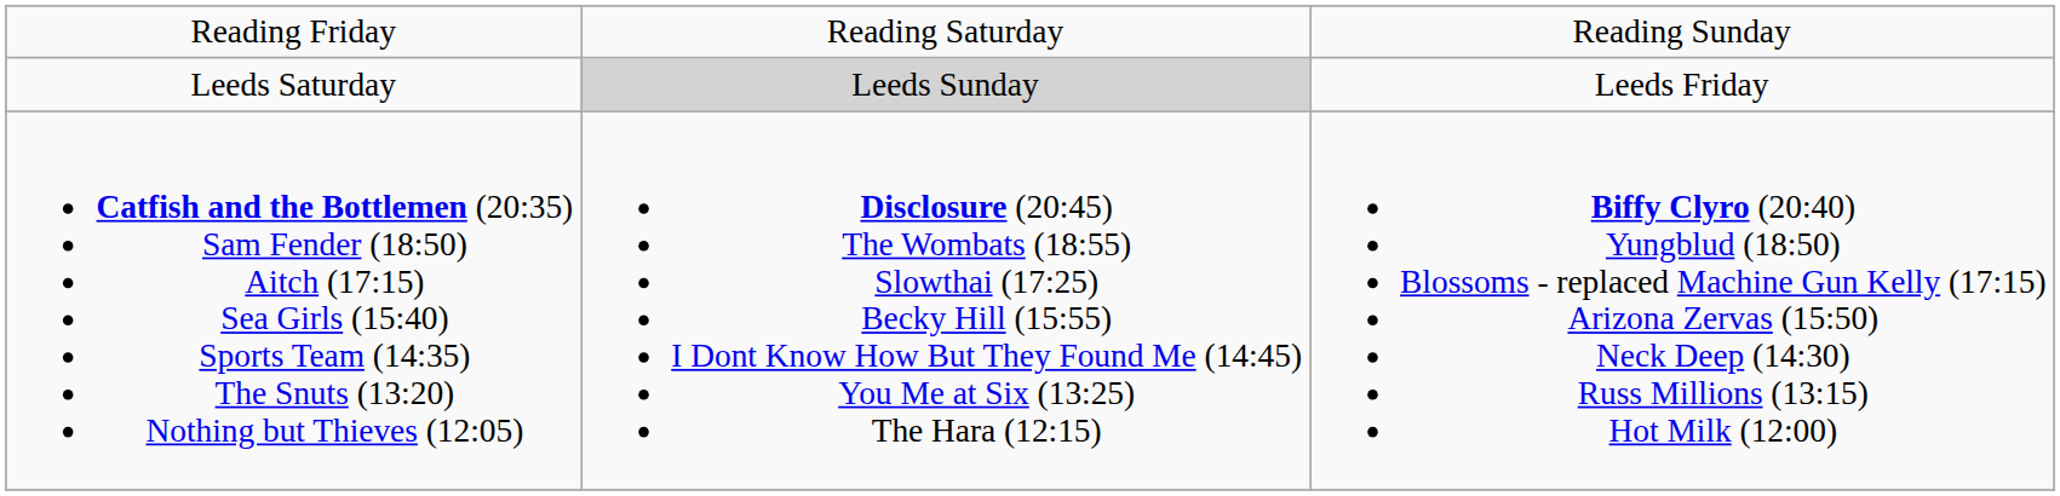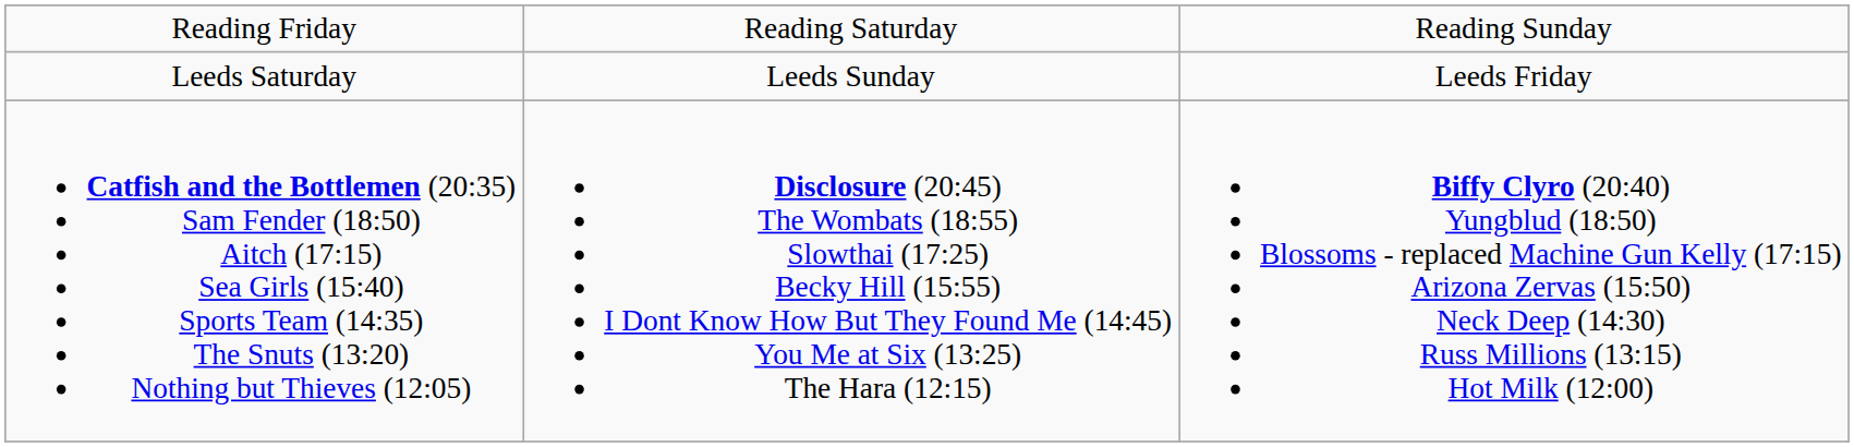 <table class="wikitable" style="text-align:center;">
 <tr>
 <td>Reading Friday</td>
 <td>Reading Saturday</td>
 <td>Reading Sunday</td>
 </tr>
 <tr>
 <td>Leeds Saturday</td>
-<td style="background: lightgrey;">Leeds Sunday</td>
+<td>Leeds Sunday</td>
 <td>Leeds Friday</td>
 </tr>
 <tr>
 <td><br><ul><li><strong><a href='#'>Catfish and the Bottlemen</a></strong> (20:35)</li><li><a href='#'>Sam Fender</a> (18:50)</li><li><a href='#'>Aitch</a> (17:15)</li><li><a href='#'>Sea Girls</a> (15:40)</li><li><a href='#'>Sports Team</a> (14:35)</li><li><a href='#'>The Snuts</a> (13:20)</li><li><a href='#'>Nothing but Thieves</a> (12:05)</li></ul></td>
 <td><br><ul><li><strong><a href='#'>Disclosure</a></strong> (20:45)</li><li><a href='#'>The Wombats</a> (18:55)</li><li><a href='#'>Slowthai</a> (17:25)</li><li><a href='#'>Becky Hill</a> (15:55)</li><li><a href='#'>I Dont Know How But They Found Me</a> (14:45)</li><li><a href='#'>You Me at Six</a> (13:25)</li><li>The Hara (12:15)</li></ul></td>
 <td><br><ul><li><strong><a href='#'>Biffy Clyro</a></strong> (20:40)</li><li><a href='#'>Yungblud</a> (18:50)</li><li><a href='#'>Blossoms</a> - replaced <a href='#'>Machine Gun Kelly</a> (17:15)</li><li><a href='#'>Arizona Zervas</a> (15:50)</li><li><a href='#'>Neck Deep</a> (14:30)</li><li><a href='#'>Russ Millions</a> (13:15)</li><li><a href='#'>Hot Milk</a> (12:00)</li></ul></td>
 </tr>
 </table>
